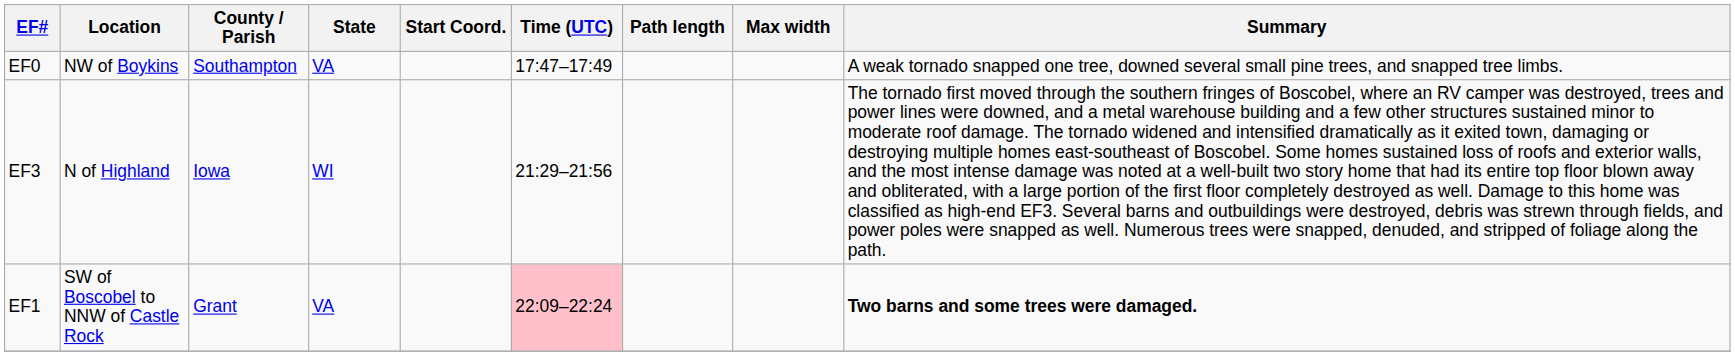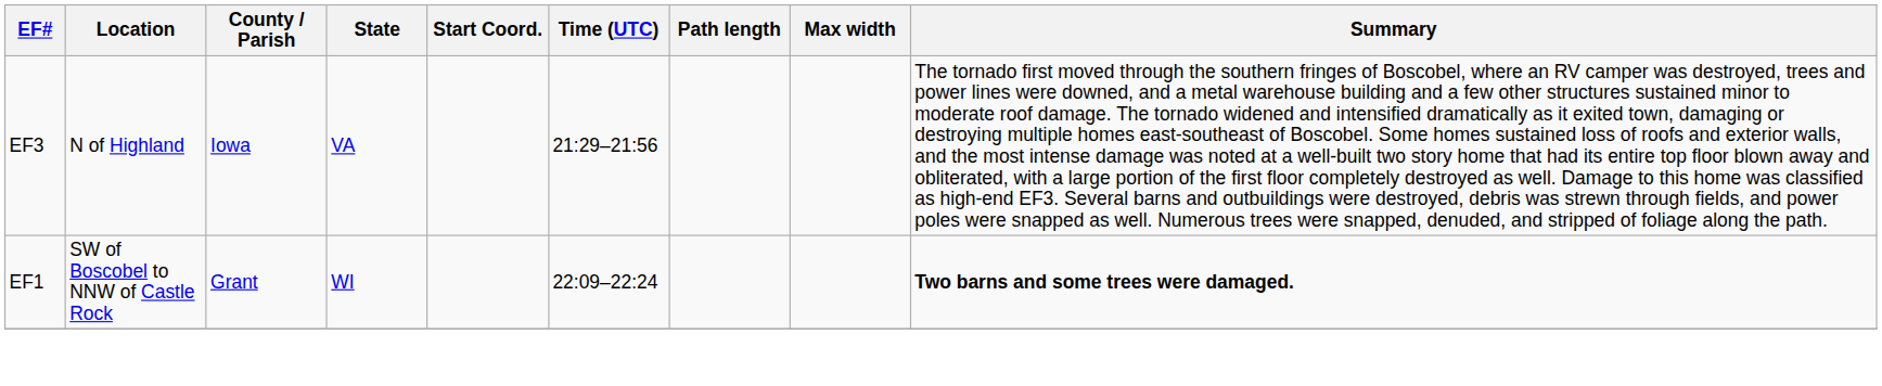 <table class="wikitable sortable" style="width:100%;">
 <tr>
 <th scope="col"  style="width:3%; text-align:center;"><a href='#'>EF#</a></th>
 <th scope="col"  style="width:7%; text-align:center;" class="unsortable">Location</th>
 <th scope="col"  style="width:6%; text-align:center;" class="unsortable">County / Parish</th>
 <th scope="col"  style="width:5%; text-align:center;">State</th>
 <th scope="col"  style="width:6%; text-align:center;">Start Coord.</th>
 <th scope="col"  style="width:6%; text-align:center;">Time (<a href='#'>UTC</a>)</th>
 <th scope="col"  style="width:6%; text-align:center;">Path length</th>
 <th scope="col"  style="width:6%; text-align:center;">Max width</th>
 <th scope="col" class="unsortable" style="width:48%; text-align:center;">Summary</th>
 </tr>
 <tr>
-<td>EF0</td>
-<td>NW of <a href='#'>Boykins</a></td>
-<td><a href='#'>Southampton</a></td>
-<td><a href='#'>VA</a></td>
-<td></td>
-<td>17:47–17:49</td>
-<td></td>
-<td></td>
-<td>A weak tornado snapped one tree, downed several small pine trees, and snapped tree limbs.</td>
-</tr>
-<tr>
 <td>EF3</td>
 <td>N of <a href='#'>Highland</a></td>
 <td><a href='#'>Iowa</a></td>
-<td><a href='#'>WI</a></td>
+<td><a href='#'>VA</a></td>
 <td></td>
 <td>21:29–21:56</td>
 <td></td>
 <td></td>
 <td>The tornado first moved through the southern fringes of Boscobel, where an RV camper was destroyed, trees and power lines were downed, and a metal warehouse building and a few other structures sustained minor to moderate roof damage. The tornado widened and intensified dramatically as it exited town, damaging or destroying multiple homes east-southeast of Boscobel. Some homes sustained loss of roofs and exterior walls, and the most intense damage was noted at a well-built two story home that had its entire top floor blown away and obliterated, with a large portion of the first floor completely destroyed as well. Damage to this home was classified as high-end EF3. Several barns and outbuildings were destroyed, debris was strewn through fields, and power poles were snapped as well. Numerous trees were snapped, denuded, and stripped of foliage along the path.</td>
 </tr>
 <tr>
 <td>EF1</td>
 <td>SW of <a href='#'>Boscobel</a> to NNW of <a href='#'>Castle Rock</a></td>
 <td><a href='#'>Grant</a></td>
-<td><a href='#'>VA</a></td>
+<td><a href='#'>WI</a></td>
 <td></td>
-<td style="background: pink;">22:09–22:24</td>
+<td>22:09–22:24</td>
 <td></td>
 <td></td>
 <td><strong>Two barns and some trees were damaged.</strong></td>
 </tr>
 <tr>
 </tr>
 </table>
